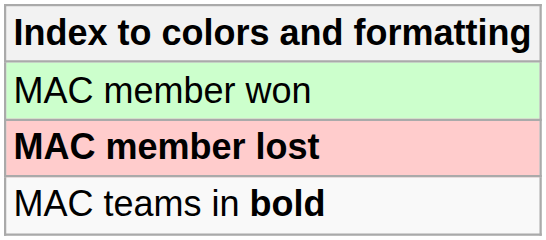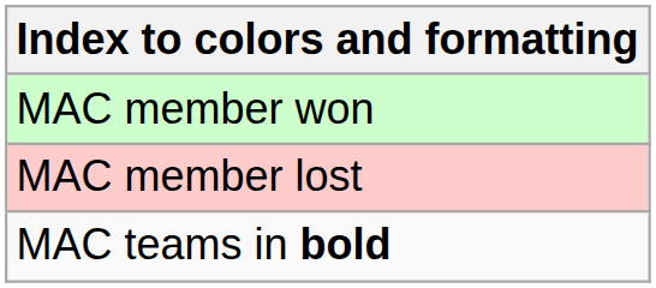 <table class="wikitable">
 <tr>
 <th>Index to colors and formatting</th>
 </tr>
 <tr style="background:#cfc;">
 <td>MAC member won</td>
 </tr>
 <tr style="background:#fcc;">
-<td><strong>MAC member lost</strong></td>
+<td>MAC member lost</td>
 </tr>
 <tr>
 <td>MAC teams in <strong>bold</strong></td>
 </tr>
 </table>
